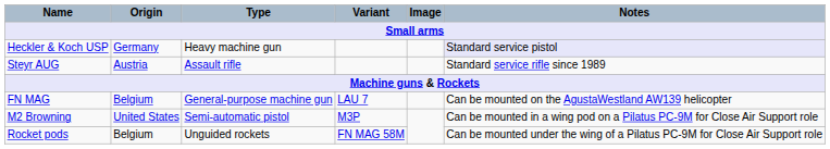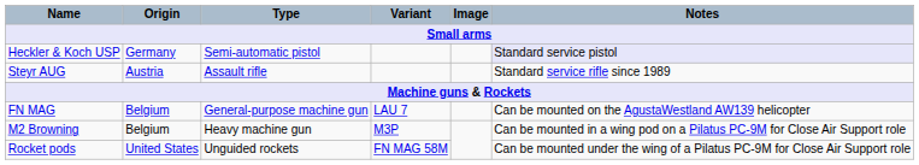 <table class="wikitable">
 <tr>
 <th style="text-align:center; background:#aabccc;">Name</th>
 <th style="text-align: center; background:#aabccc;">Origin</th>
 <th style="text-align:l center; background:#aabccc;">Type</th>
 <th style="text-align:l center; background:#aabccc;">Variant</th>
 <th style="text-align: left; background: #aabccc;">Image</th>
 <th style="text-align: center; background:#aabccc;">Notes</th>
 </tr>
 <tr>
 <th style="align: center; background: lavender;" colspan="7"><a href='#'>Small arms</a></th>
 </tr>
 <tr>
 <td><a href='#'>Heckler & Koch USP</a></td>
 <td><a href='#'>Germany</a></td>
-<td>Heavy machine gun</td>
+<td><a href='#'>Semi-automatic pistol</a></td>
 <td></td>
 <td></td>
 <td style="background: lavender;">Standard service pistol</td>
 </tr>
 <tr>
 <td><a href='#'>Steyr AUG</a></td>
 <td><a href='#'>Austria</a></td>
 <td><a href='#'>Assault rifle</a></td>
 <td></td>
 <td></td>
 <td>Standard <a href='#'>service rifle</a> since 1989</td>
 </tr>
 <tr>
 <th style="align: center; background: lavender;" colspan="7"><a href='#'>Machine guns</a> & <a href='#'>Rockets</a></th>
 </tr>
 <tr>
 <td><a href='#'>FN MAG</a></td>
 <td><a href='#'>Belgium</a></td>
 <td><a href='#'>General-purpose machine gun</a></td>
 <td><a href='#'>LAU 7</a></td>
 <td></td>
 <td>Can be mounted on the <a href='#'>AgustaWestland AW139</a> helicopter</td>
 </tr>
 <tr>
 <td><a href='#'>M2 Browning</a></td>
-<td><a href='#'>United States</a></td>
-<td><a href='#'>Semi-automatic pistol</a></td>
+<td>Belgium</td>
+<td>Heavy machine gun</td>
 <td><a href='#'>M3P</a></td>
 <td rowspan=2></td>
 <td>Can be mounted in a wing pod on a <a href='#'>Pilatus PC-9M</a> for Close Air Support role</td>
 </tr>
 <tr>
 <td><a href='#'>Rocket pods</a></td>
-<td>Belgium</td>
+<td><a href='#'>United States</a></td>
 <td>Unguided rockets</td>
 <td><a href='#'>FN MAG 58M</a></td>
 <td>Can be mounted under the wing of a Pilatus PC-9M for Close Air Support role</td>
 </tr>
 </table>
